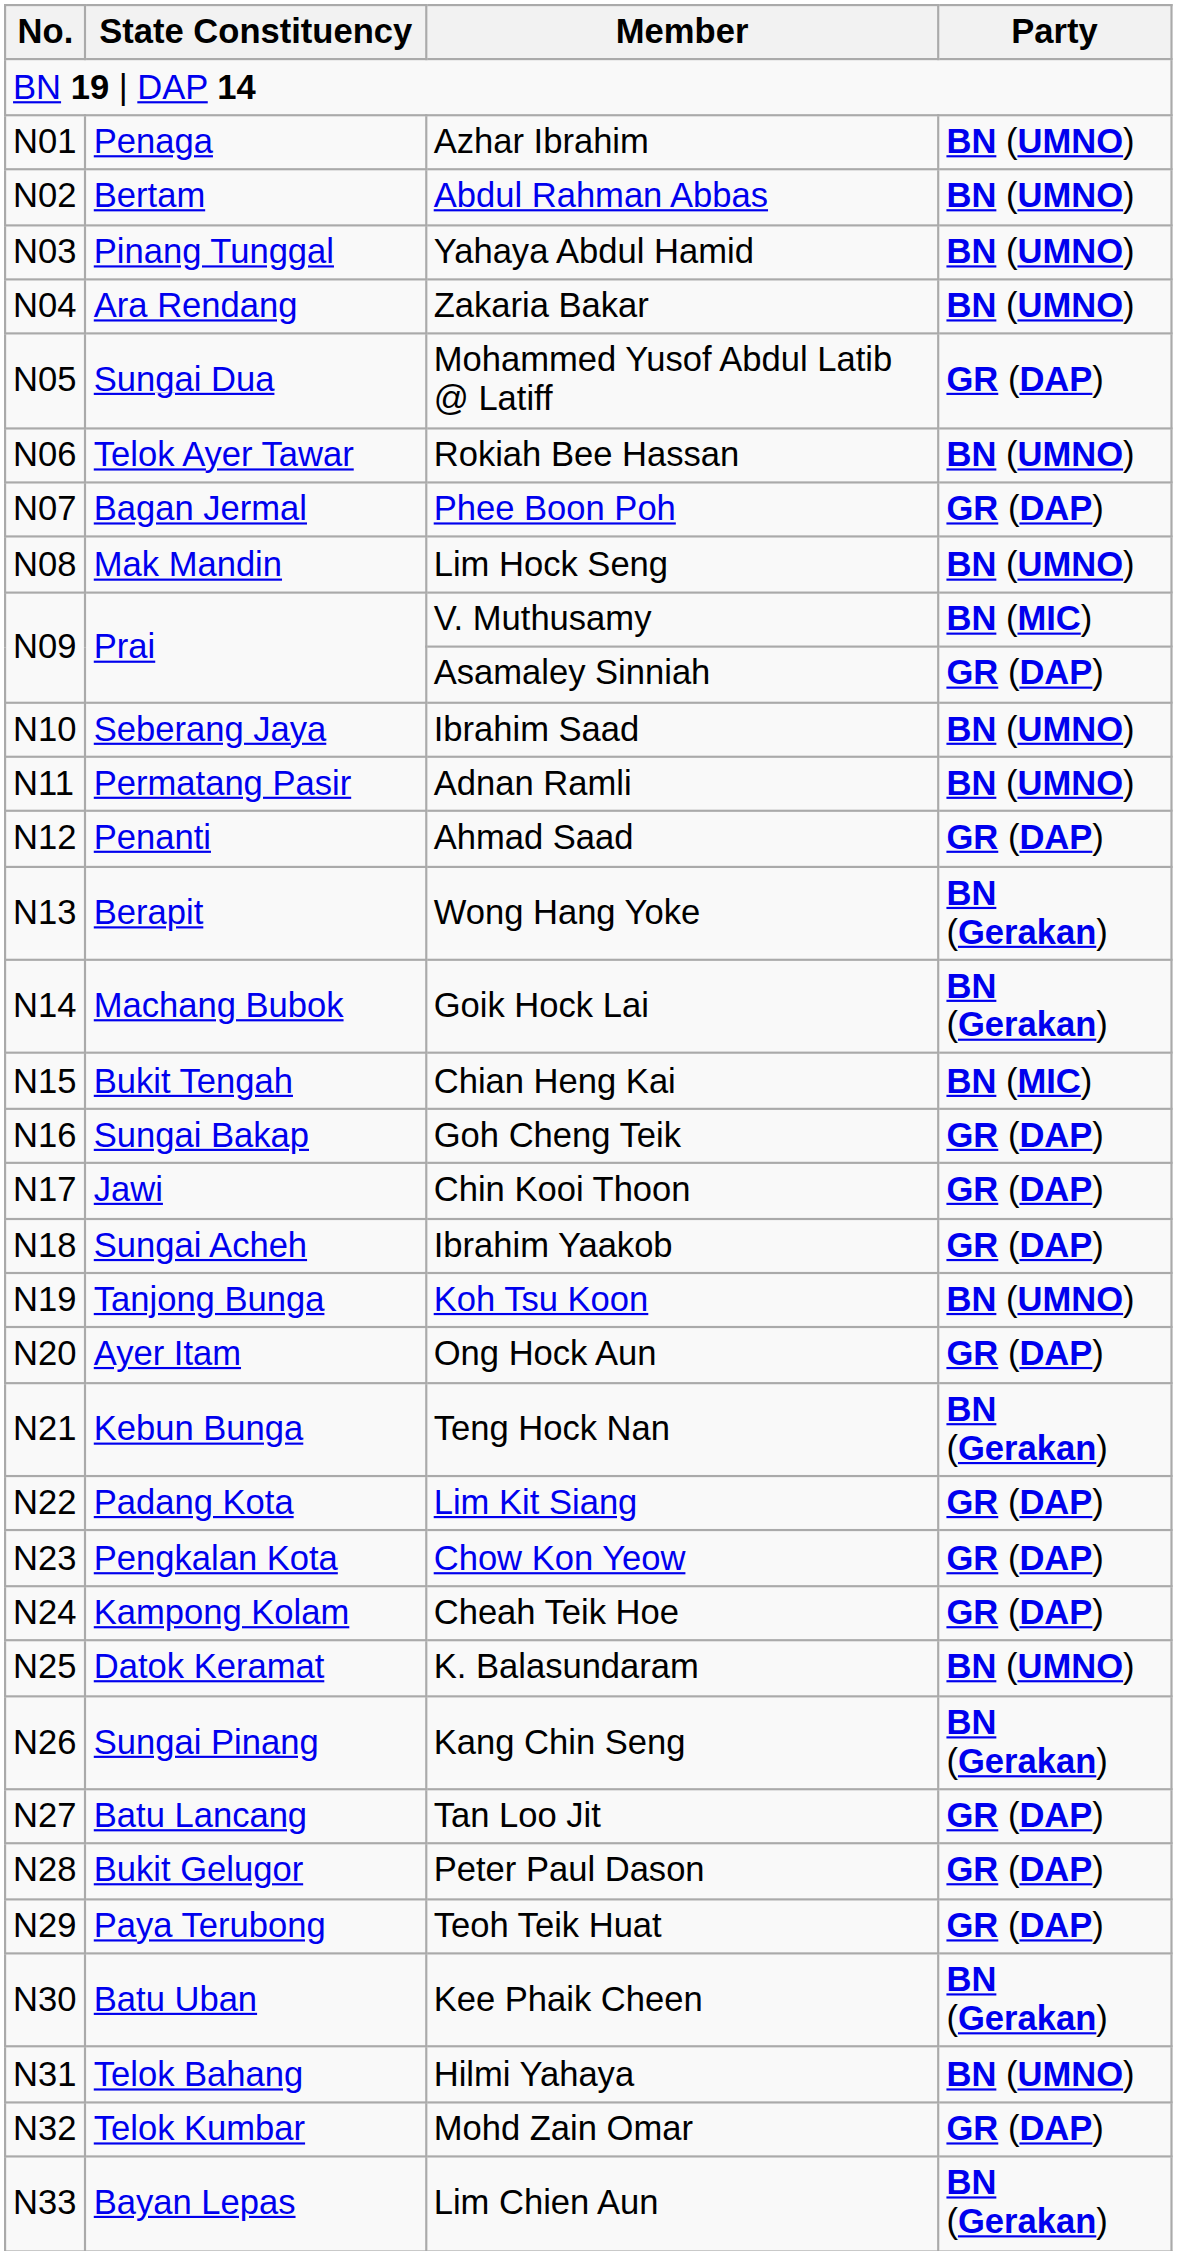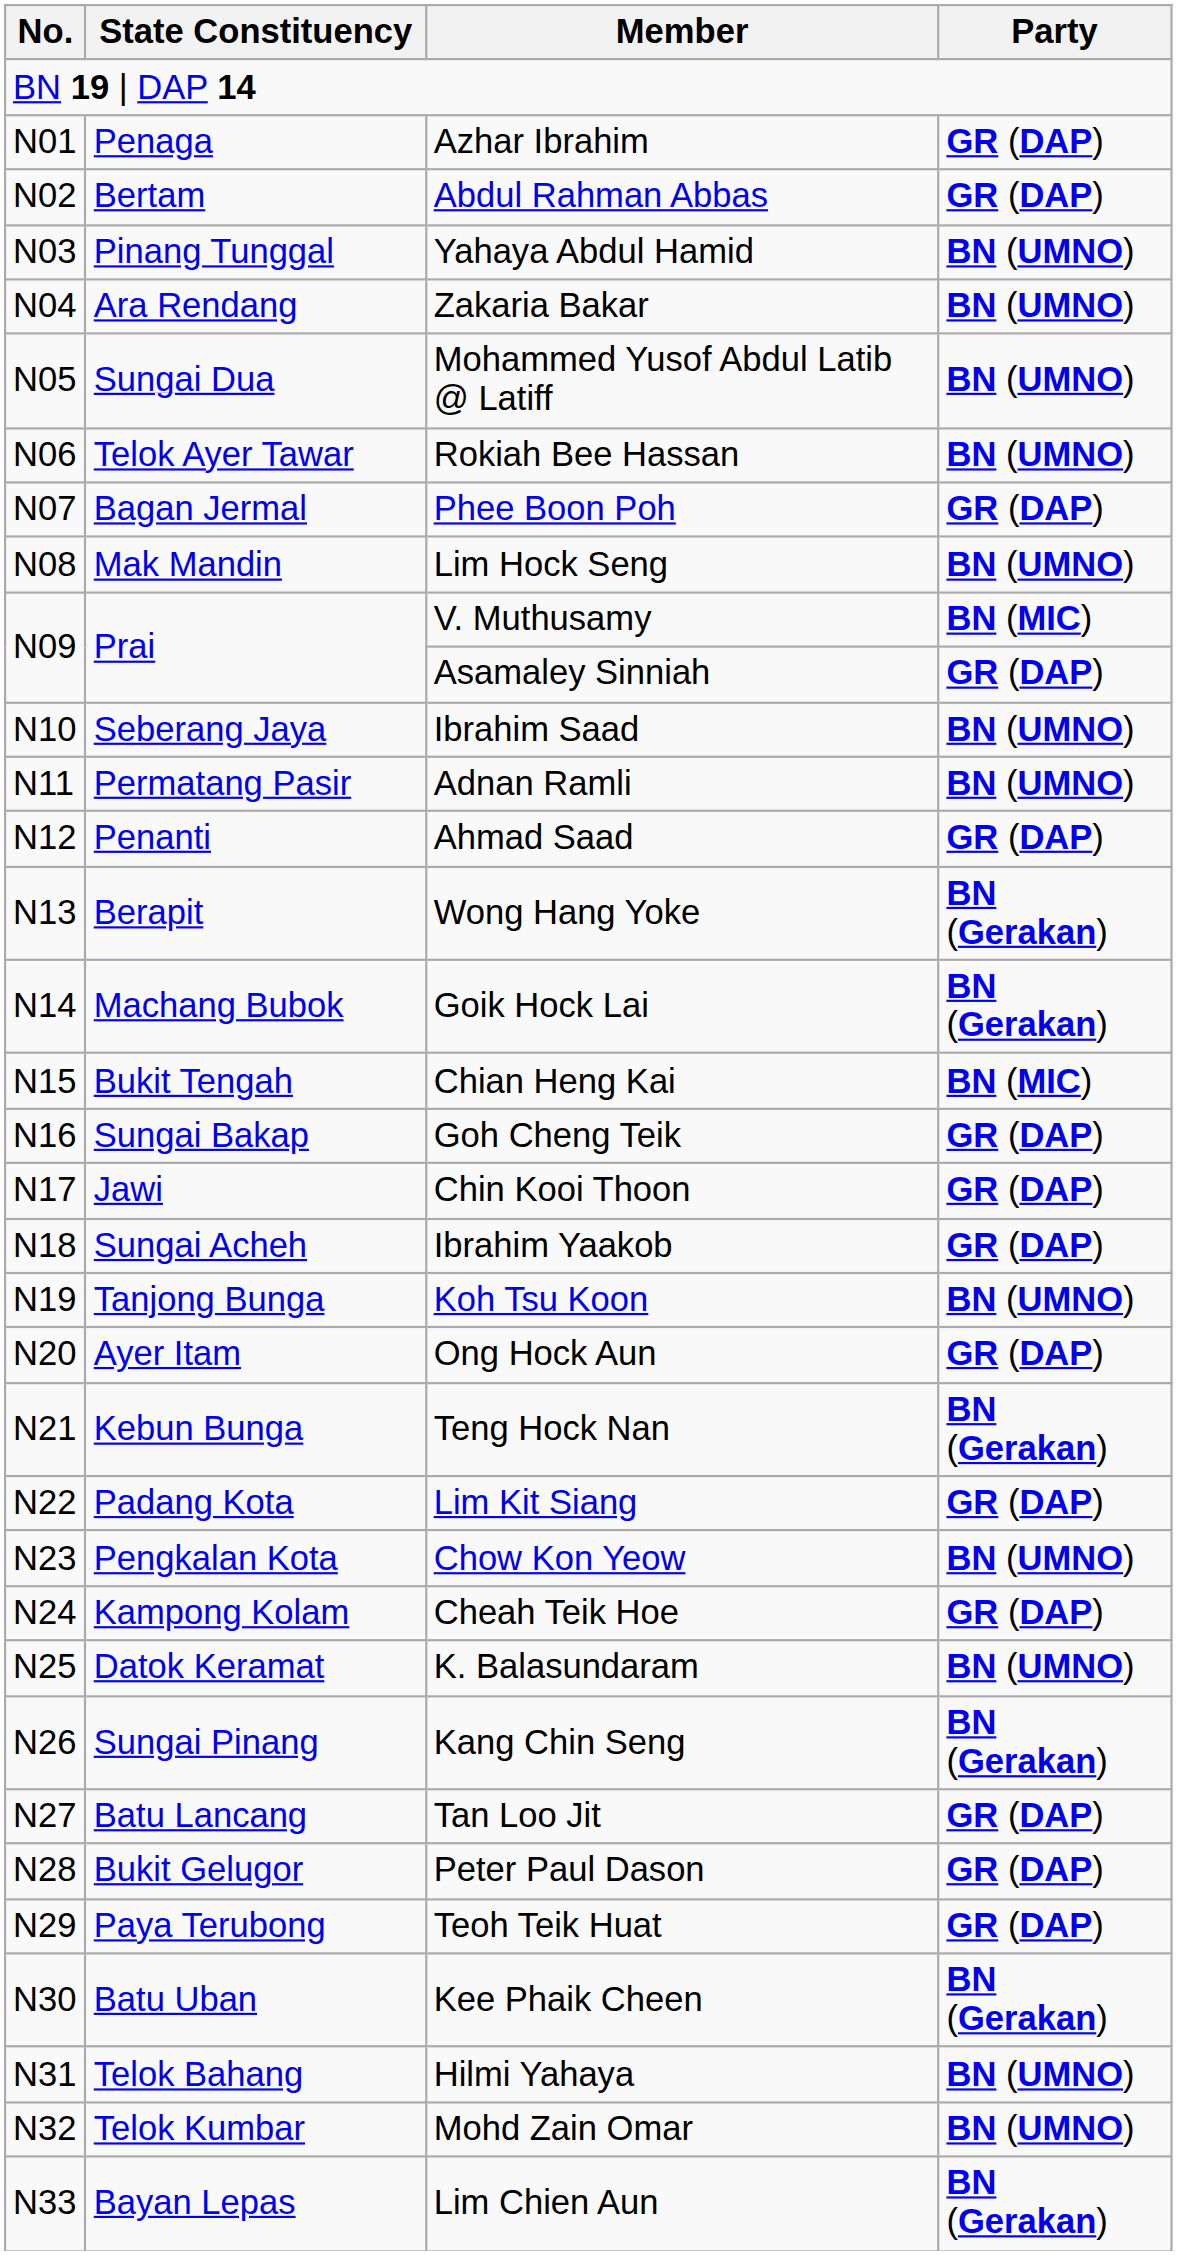 <table class="wikitable sortable">
 <tr>
 <th style="width:30px;">No.</th>
 <th style="width:150px;">State Constituency</th>
 <th style="width:230px;">Member</th>
 <th style="width:100px;">Party</th>
 </tr>
 <tr>
 <td colspan="4"><a href='#'>BN</a> <strong>19</strong> | <a href='#'>DAP</a> <strong>14</strong></td>
 </tr>
 <tr>
 <td>N01</td>
 <td><a href='#'>Penaga</a></td>
 <td>Azhar Ibrahim</td>
-<td><strong><a href='#'>BN</a></strong> (<strong><a href='#'>UMNO</a></strong>)</td>
+<td><strong><a href='#'>GR</a></strong> (<strong><a href='#'>DAP</a></strong>)</td>
 </tr>
 <tr>
 <td>N02</td>
 <td><a href='#'>Bertam</a></td>
 <td><a href='#'>Abdul Rahman Abbas</a></td>
-<td><strong><a href='#'>BN</a></strong> (<strong><a href='#'>UMNO</a></strong>)</td>
+<td><strong><a href='#'>GR</a></strong> (<strong><a href='#'>DAP</a></strong>)</td>
 </tr>
 <tr>
 <td>N03</td>
 <td><a href='#'>Pinang Tunggal</a></td>
 <td>Yahaya Abdul Hamid</td>
 <td><strong><a href='#'>BN</a></strong> (<strong><a href='#'>UMNO</a></strong>)</td>
 </tr>
 <tr>
 <td>N04</td>
 <td><a href='#'>Ara Rendang</a></td>
 <td>Zakaria Bakar</td>
 <td><strong><a href='#'>BN</a></strong> (<strong><a href='#'>UMNO</a></strong>)</td>
 </tr>
 <tr>
 <td>N05</td>
 <td><a href='#'>Sungai Dua</a></td>
 <td>Mohammed Yusof Abdul Latib @ Latiff</td>
-<td><strong><a href='#'>GR</a></strong> (<strong><a href='#'>DAP</a></strong>)</td>
+<td><strong><a href='#'>BN</a></strong> (<strong><a href='#'>UMNO</a></strong>)</td>
 </tr>
 <tr>
 <td>N06</td>
 <td><a href='#'>Telok Ayer Tawar</a></td>
 <td>Rokiah Bee Hassan</td>
 <td><strong><a href='#'>BN</a></strong> (<strong><a href='#'>UMNO</a></strong>)</td>
 </tr>
 <tr>
 <td>N07</td>
 <td><a href='#'>Bagan Jermal</a></td>
 <td><a href='#'>Phee Boon Poh</a></td>
 <td><strong><a href='#'>GR</a></strong> (<strong><a href='#'>DAP</a></strong>)</td>
 </tr>
 <tr>
 <td>N08</td>
 <td><a href='#'>Mak Mandin</a></td>
 <td>Lim Hock Seng</td>
 <td><strong><a href='#'>BN</a></strong> (<strong><a href='#'>UMNO</a></strong>)</td>
 </tr>
 <tr>
 <td rowspan=2>N09</td>
 <td rowspan=2><a href='#'>Prai</a></td>
 <td>V. Muthusamy </td>
 <td><strong><a href='#'>BN</a></strong> (<strong><a href='#'>MIC</a></strong>)</td>
 </tr>
 <tr>
 <td>Asamaley Sinniah </td>
 <td><strong><a href='#'>GR</a></strong> (<strong><a href='#'>DAP</a></strong>)</td>
 </tr>
 <tr>
 <td>N10</td>
 <td><a href='#'>Seberang Jaya</a></td>
 <td>Ibrahim Saad</td>
 <td><strong><a href='#'>BN</a></strong> (<strong><a href='#'>UMNO</a></strong>)</td>
 </tr>
 <tr>
 <td>N11</td>
 <td><a href='#'>Permatang Pasir</a></td>
 <td>Adnan Ramli</td>
 <td><strong><a href='#'>BN</a></strong> (<strong><a href='#'>UMNO</a></strong>)</td>
 </tr>
 <tr>
 <td>N12</td>
 <td><a href='#'>Penanti</a></td>
 <td>Ahmad Saad</td>
 <td><strong><a href='#'>GR</a></strong> (<strong><a href='#'>DAP</a></strong>)</td>
 </tr>
 <tr>
 <td>N13</td>
 <td><a href='#'>Berapit</a></td>
 <td>Wong Hang Yoke</td>
 <td><strong><a href='#'>BN</a></strong> (<strong><a href='#'>Gerakan</a></strong>)</td>
 </tr>
 <tr>
 <td>N14</td>
 <td><a href='#'>Machang Bubok</a></td>
 <td>Goik Hock Lai</td>
 <td><strong><a href='#'>BN</a></strong> (<strong><a href='#'>Gerakan</a></strong>)</td>
 </tr>
 <tr>
 <td>N15</td>
 <td><a href='#'>Bukit Tengah</a></td>
 <td>Chian Heng Kai</td>
 <td><strong><a href='#'>BN</a></strong> (<strong><a href='#'>MIC</a></strong>)</td>
 </tr>
 <tr>
 <td>N16</td>
 <td><a href='#'>Sungai Bakap</a></td>
 <td>Goh Cheng Teik</td>
 <td><strong><a href='#'>GR</a></strong> (<strong><a href='#'>DAP</a></strong>)</td>
 </tr>
 <tr>
 <td>N17</td>
 <td><a href='#'>Jawi</a></td>
 <td>Chin Kooi Thoon</td>
 <td><strong><a href='#'>GR</a></strong> (<strong><a href='#'>DAP</a></strong>)</td>
 </tr>
 <tr>
 <td>N18</td>
 <td><a href='#'>Sungai Acheh</a></td>
 <td>Ibrahim Yaakob</td>
 <td><strong><a href='#'>GR</a></strong> (<strong><a href='#'>DAP</a></strong>)</td>
 </tr>
 <tr>
 <td>N19</td>
 <td><a href='#'>Tanjong Bunga</a></td>
 <td><a href='#'>Koh Tsu Koon</a></td>
 <td><strong><a href='#'>BN</a></strong> (<strong><a href='#'>UMNO</a></strong>)</td>
 </tr>
 <tr>
 <td>N20</td>
 <td><a href='#'>Ayer Itam</a></td>
 <td>Ong Hock Aun</td>
 <td><strong><a href='#'>GR</a></strong> (<strong><a href='#'>DAP</a></strong>)</td>
 </tr>
 <tr>
 <td>N21</td>
 <td><a href='#'>Kebun Bunga</a></td>
 <td>Teng Hock Nan</td>
 <td><strong><a href='#'>BN</a></strong> (<strong><a href='#'>Gerakan</a></strong>)</td>
 </tr>
 <tr>
 <td>N22</td>
 <td><a href='#'>Padang Kota</a></td>
 <td><a href='#'>Lim Kit Siang</a></td>
 <td><strong><a href='#'>GR</a></strong> (<strong><a href='#'>DAP</a></strong>)</td>
 </tr>
 <tr>
 <td>N23</td>
 <td><a href='#'>Pengkalan Kota</a></td>
 <td><a href='#'>Chow Kon Yeow</a></td>
-<td><strong><a href='#'>GR</a></strong> (<strong><a href='#'>DAP</a></strong>)</td>
+<td><strong><a href='#'>BN</a></strong> (<strong><a href='#'>UMNO</a></strong>)</td>
 </tr>
 <tr>
 <td>N24</td>
 <td><a href='#'>Kampong Kolam</a></td>
 <td>Cheah Teik Hoe</td>
 <td><strong><a href='#'>GR</a></strong> (<strong><a href='#'>DAP</a></strong>)</td>
 </tr>
 <tr>
 <td>N25</td>
 <td><a href='#'>Datok Keramat</a></td>
 <td>K. Balasundaram</td>
 <td><strong><a href='#'>BN</a></strong> (<strong><a href='#'>UMNO</a></strong>)</td>
 </tr>
 <tr>
 <td>N26</td>
 <td><a href='#'>Sungai Pinang</a></td>
 <td>Kang Chin Seng</td>
 <td><strong><a href='#'>BN</a></strong> (<strong><a href='#'>Gerakan</a></strong>)</td>
 </tr>
 <tr>
 <td>N27</td>
 <td><a href='#'>Batu Lancang</a></td>
 <td>Tan Loo Jit</td>
 <td><strong><a href='#'>GR</a></strong> (<strong><a href='#'>DAP</a></strong>)</td>
 </tr>
 <tr>
 <td>N28</td>
 <td><a href='#'>Bukit Gelugor</a></td>
 <td>Peter Paul Dason</td>
 <td><strong><a href='#'>GR</a></strong> (<strong><a href='#'>DAP</a></strong>)</td>
 </tr>
 <tr>
 <td>N29</td>
 <td><a href='#'>Paya Terubong</a></td>
 <td>Teoh Teik Huat</td>
 <td><strong><a href='#'>GR</a></strong> (<strong><a href='#'>DAP</a></strong>)</td>
 </tr>
 <tr>
 <td>N30</td>
 <td><a href='#'>Batu Uban</a></td>
 <td>Kee Phaik Cheen</td>
 <td><strong><a href='#'>BN</a></strong> (<strong><a href='#'>Gerakan</a></strong>)</td>
 </tr>
 <tr>
 <td>N31</td>
 <td><a href='#'>Telok Bahang</a></td>
 <td>Hilmi Yahaya</td>
 <td><strong><a href='#'>BN</a></strong> (<strong><a href='#'>UMNO</a></strong>)</td>
 </tr>
 <tr>
 <td>N32</td>
 <td><a href='#'>Telok Kumbar</a></td>
 <td>Mohd Zain Omar</td>
-<td><strong><a href='#'>GR</a></strong> (<strong><a href='#'>DAP</a></strong>)</td>
+<td><strong><a href='#'>BN</a></strong> (<strong><a href='#'>UMNO</a></strong>)</td>
 </tr>
 <tr>
 <td>N33</td>
 <td><a href='#'>Bayan Lepas</a></td>
 <td>Lim Chien Aun</td>
 <td><strong><a href='#'>BN</a></strong> (<strong><a href='#'>Gerakan</a></strong>)</td>
 </tr>
 </table>
